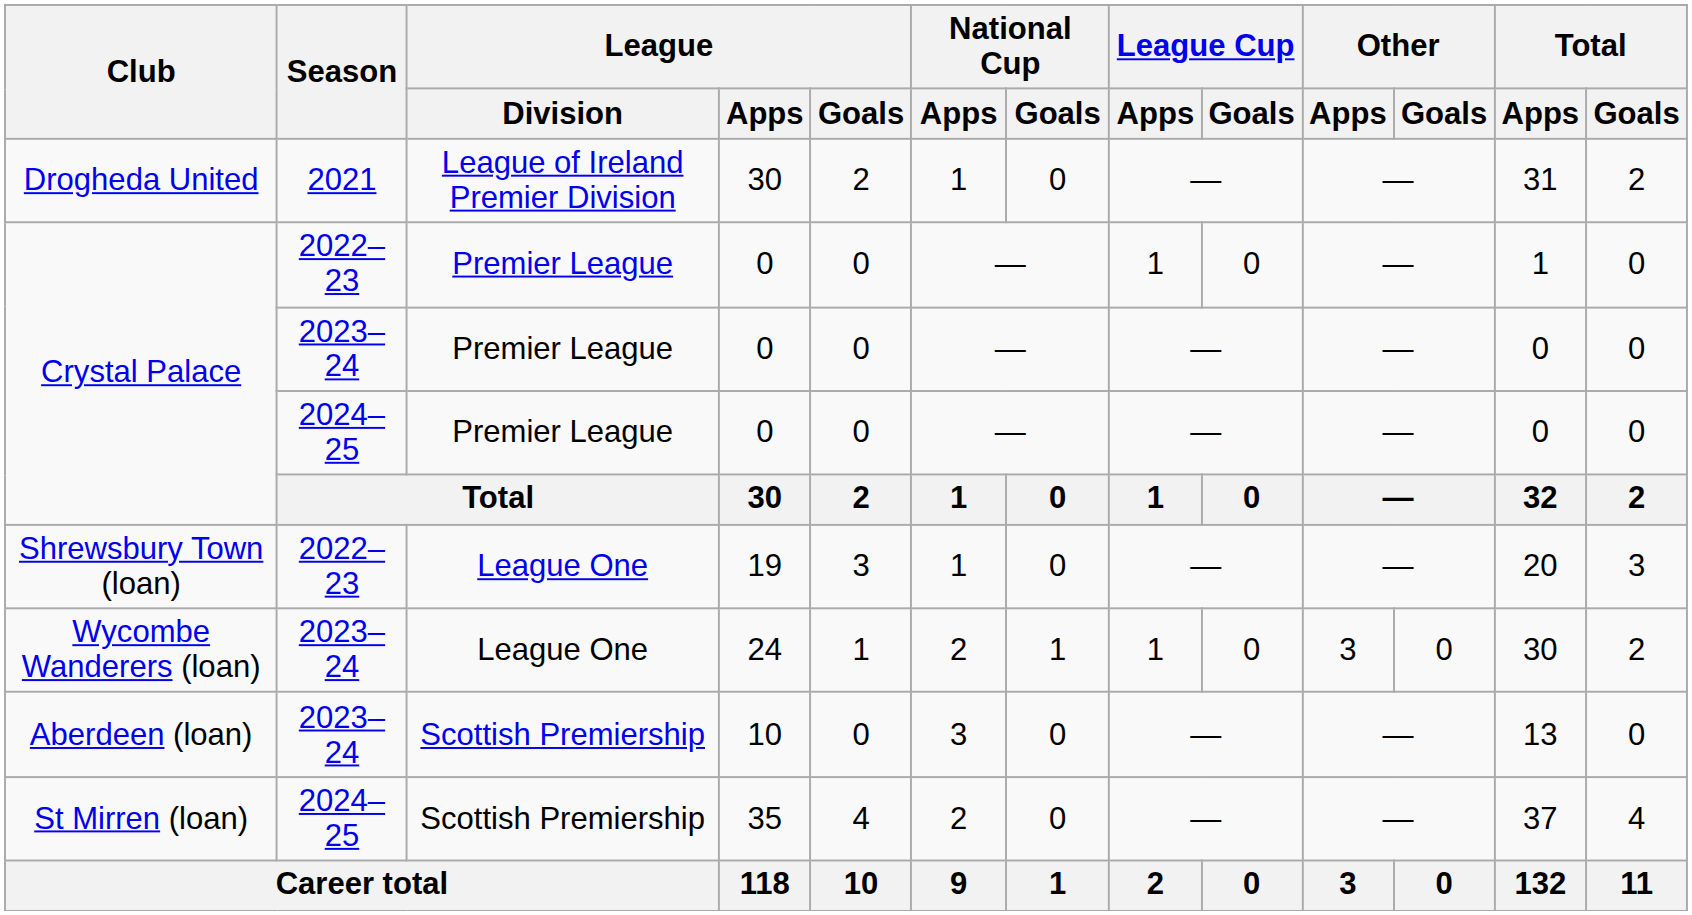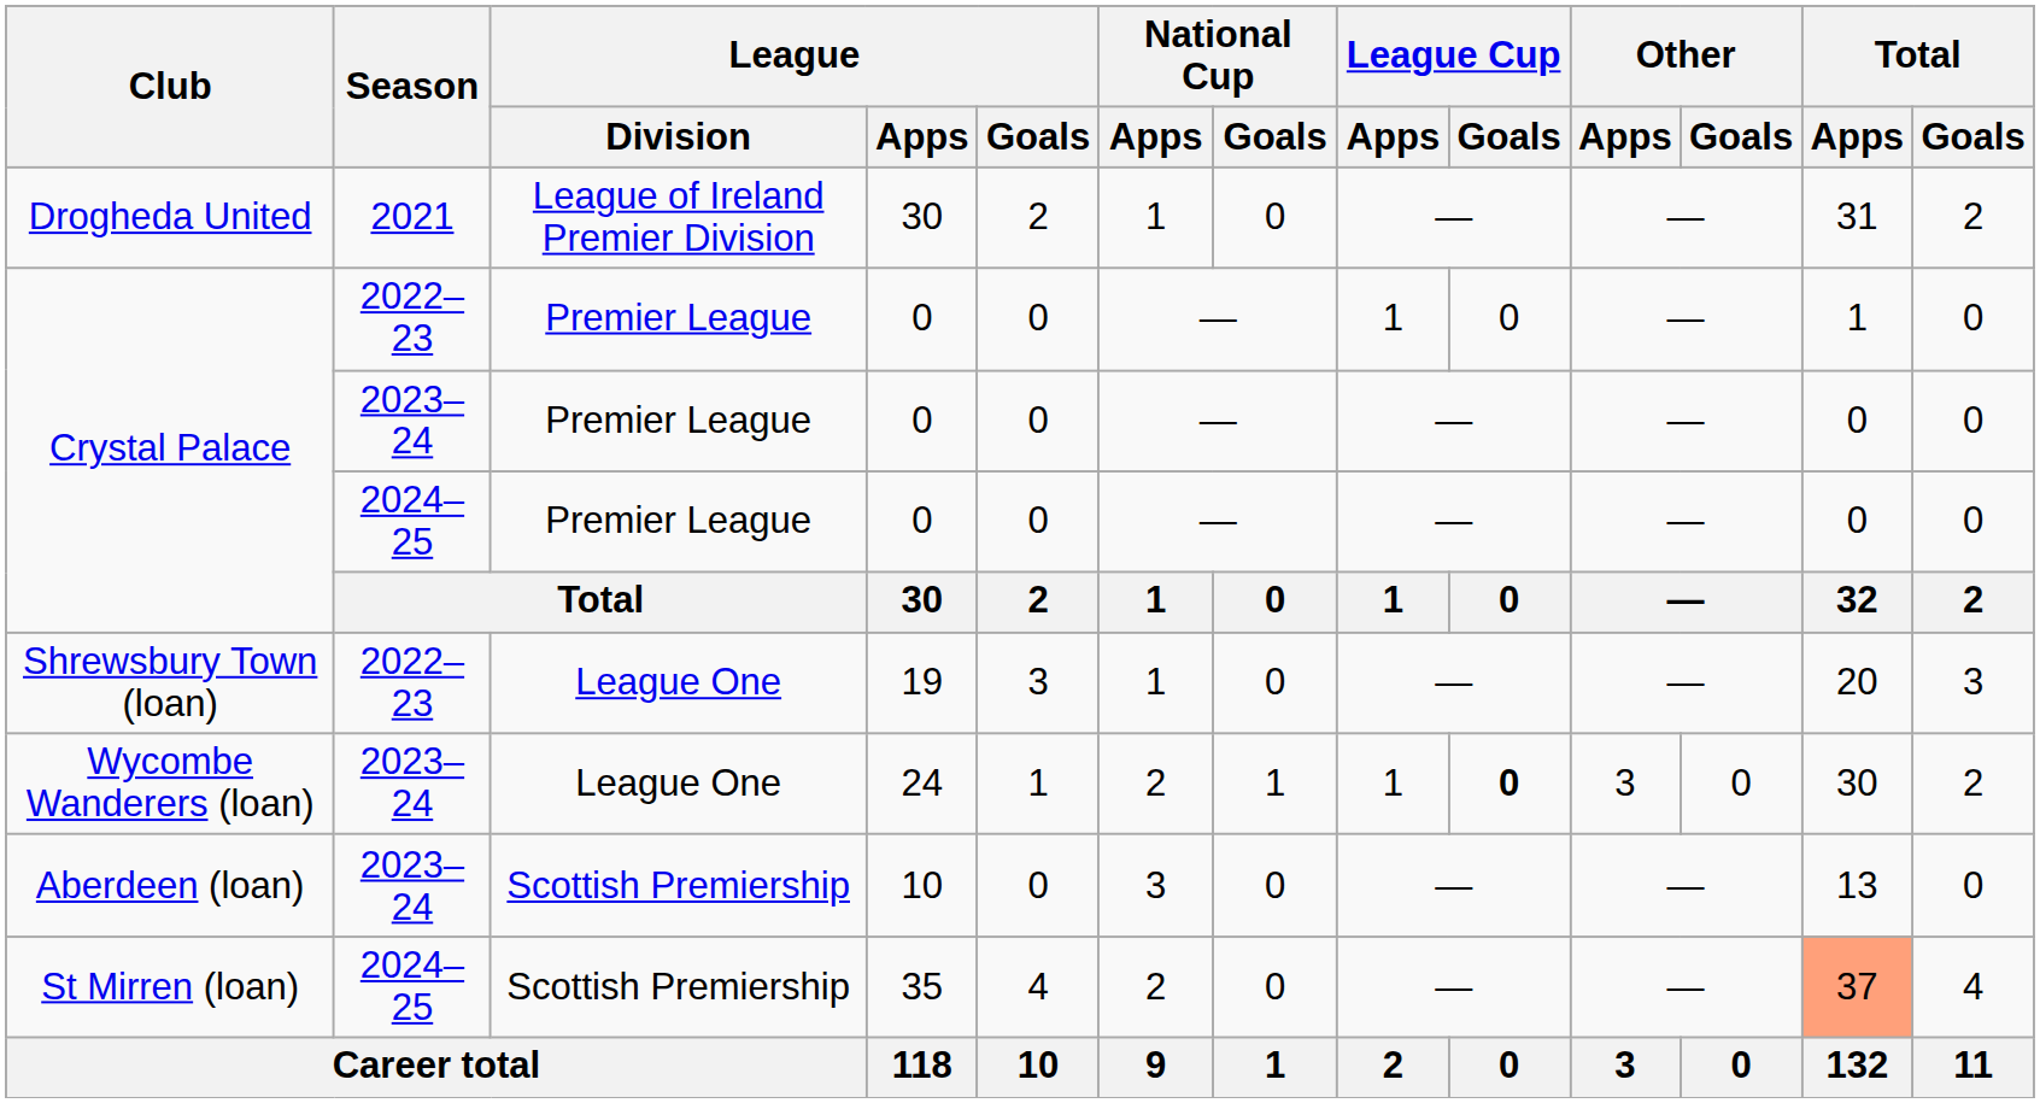 <table class="wikitable" style="text-align: center;">
 <tr>
 <th rowspan="2">Club</th>
 <th rowspan="2">Season</th>
 <th colspan="3">League</th>
 <th colspan="2">National Cup</th>
 <th colspan="2"><a href='#'>League Cup</a></th>
 <th colspan="2">Other</th>
 <th colspan="2">Total</th>
 </tr>
 <tr>
 <th>Division</th>
 <th>Apps</th>
 <th>Goals</th>
 <th>Apps</th>
 <th>Goals</th>
 <th>Apps</th>
 <th>Goals</th>
 <th>Apps</th>
 <th>Goals</th>
 <th>Apps</th>
 <th>Goals</th>
 </tr>
 <tr>
 <td><a href='#'>Drogheda United</a></td>
 <td><a href='#'>2021</a></td>
 <td><a href='#'>League of Ireland Premier Division</a></td>
 <td>30</td>
 <td>2</td>
 <td>1</td>
 <td>0</td>
 <td colspan="2">—</td>
 <td colspan="2">—</td>
 <td>31</td>
 <td>2</td>
 </tr>
 <tr>
 <td rowspan="4"><a href='#'>Crystal Palace</a></td>
 <td><a href='#'>2022–23</a></td>
 <td><a href='#'>Premier League</a></td>
 <td>0</td>
 <td>0</td>
 <td colspan="2">—</td>
 <td>1</td>
 <td>0</td>
 <td colspan="2">—</td>
 <td>1</td>
 <td>0</td>
 </tr>
 <tr>
 <td><a href='#'>2023–24</a></td>
 <td>Premier League</td>
 <td>0</td>
 <td>0</td>
 <td colspan="2">—</td>
 <td colspan="2">—</td>
 <td colspan="2">—</td>
 <td>0</td>
 <td>0</td>
 </tr>
 <tr>
 <td><a href='#'>2024–25</a></td>
 <td>Premier League</td>
 <td>0</td>
 <td>0</td>
 <td colspan="2">—</td>
 <td colspan="2">—</td>
 <td colspan="2">—</td>
 <td>0</td>
 <td>0</td>
 </tr>
 <tr>
 <th colspan=2>Total</th>
 <th>30</th>
 <th>2</th>
 <th>1</th>
 <th>0</th>
 <th>1</th>
 <th>0</th>
 <th colspan="2">—</th>
 <th>32</th>
 <th>2</th>
 </tr>
 <tr>
 <td><a href='#'>Shrewsbury Town</a> (loan)</td>
 <td><a href='#'>2022–23</a></td>
 <td><a href='#'>League One</a></td>
 <td>19</td>
 <td>3</td>
 <td>1</td>
 <td>0</td>
 <td colspan="2">—</td>
 <td colspan="2">—</td>
 <td>20</td>
 <td>3</td>
 </tr>
 <tr>
 <td><a href='#'>Wycombe Wanderers</a> (loan)</td>
 <td><a href='#'>2023–24</a></td>
 <td>League One</td>
 <td>24</td>
 <td>1</td>
 <td>2</td>
 <td>1</td>
 <td>1</td>
-<td>0</td>
+<td><strong>0</strong></td>
 <td>3</td>
 <td>0</td>
 <td>30</td>
 <td>2</td>
 </tr>
 <tr>
 <td><a href='#'>Aberdeen</a> (loan)</td>
 <td><a href='#'>2023–24</a></td>
 <td><a href='#'>Scottish Premiership</a></td>
 <td>10</td>
 <td>0</td>
 <td>3</td>
 <td>0</td>
 <td colspan="2">—</td>
 <td colspan="2">—</td>
 <td>13</td>
 <td>0</td>
 </tr>
 <tr>
 <td><a href='#'>St Mirren</a> (loan)</td>
 <td><a href='#'>2024–25</a></td>
 <td>Scottish Premiership</td>
 <td>35</td>
 <td>4</td>
 <td>2</td>
 <td>0</td>
 <td colspan="2">—</td>
 <td colspan="2">—</td>
-<td>37</td>
+<td style="background: lightsalmon;">37</td>
 <td>4</td>
 </tr>
 <tr>
 <th colspan=3>Career total</th>
 <th>118</th>
 <th>10</th>
 <th>9</th>
 <th>1</th>
 <th>2</th>
 <th>0</th>
 <th>3</th>
 <th>0</th>
 <th>132</th>
 <th>11</th>
 </tr>
 </table>
